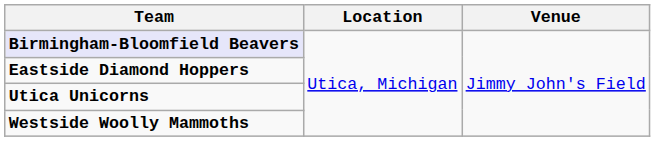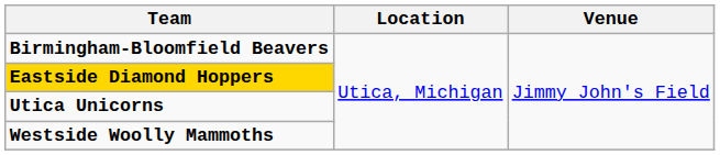 <table class="wikitable" style="font-size:85%">
 <tr>
 <th>Team</th>
 <th>Location</th>
 <th>Venue</th>
 </tr>
 <tr>
-<td style="background: lavender;"><strong>Birmingham-Bloomfield Beavers</strong></td>
+<td><strong>Birmingham-Bloomfield Beavers</strong></td>
 <td rowspan="4"><a href='#'>Utica, Michigan</a></td>
 <td rowspan="4"><a href='#'>Jimmy John's Field</a></td>
 </tr>
 <tr>
-<td><strong>Eastside Diamond Hoppers</strong></td>
+<td style="background: gold;"><strong>Eastside Diamond Hoppers</strong></td>
 </tr>
 <tr>
 <td><strong>Utica Unicorns</strong></td>
 </tr>
 <tr>
 <td><strong>Westside Woolly Mammoths</strong></td>
 </tr>
 </table>
